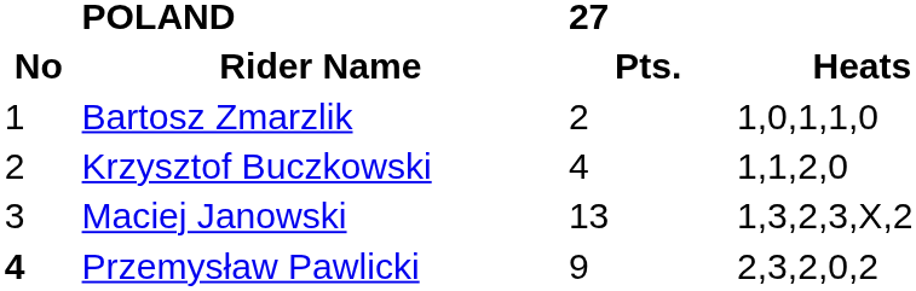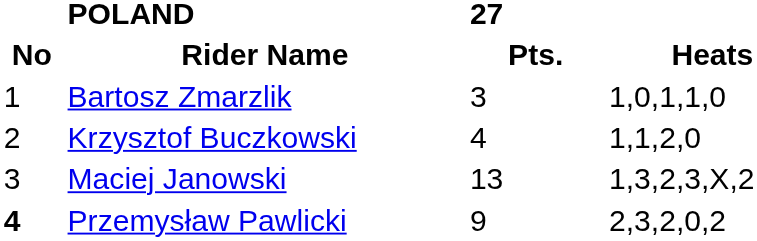 <table class="toccolours">
 <tr>
 <td></td>
 <td><strong>POLAND</strong></td>
 <td><strong>27</strong></td>
 </tr>
 <tr style="background-color:">
 <th width=30px>No</th>
 <th width=210px>Rider Name</th>
 <th width=70px>Pts.</th>
 <th width=110px>Heats</th>
 </tr>
 <tr style="background-color:">
 <td>1</td>
 <td><a href='#'>Bartosz Zmarzlik</a></td>
-<td>2</td>
+<td>3</td>
 <td>1,0,1,1,0</td>
 </tr>
 <tr style="background-color:">
 <td>2</td>
 <td><a href='#'>Krzysztof Buczkowski</a></td>
 <td>4</td>
 <td>1,1,2,0</td>
 </tr>
 <tr style="background-color:">
 <td>3</td>
 <td><a href='#'>Maciej Janowski</a></td>
 <td>13</td>
 <td>1,3,2,3,X,2</td>
 </tr>
 <tr style="background-color:">
 <td><strong>4</strong></td>
 <td><a href='#'>Przemysław Pawlicki</a></td>
 <td>9</td>
 <td>2,3,2,0,2</td>
 </tr>
 </table>
